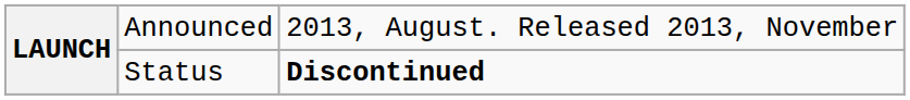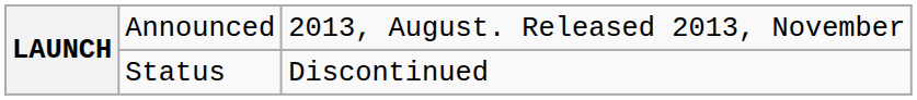 <table class="wikitable">
 <tr>
 <th rowspan="2">LAUNCH</th>
 <td>Announced</td>
 <td>2013, August. Released 2013, November</td>
 </tr>
 <tr>
 <td>Status</td>
-<td><strong>Discontinued</strong></td>
+<td>Discontinued</td>
 </tr>
 </table>
